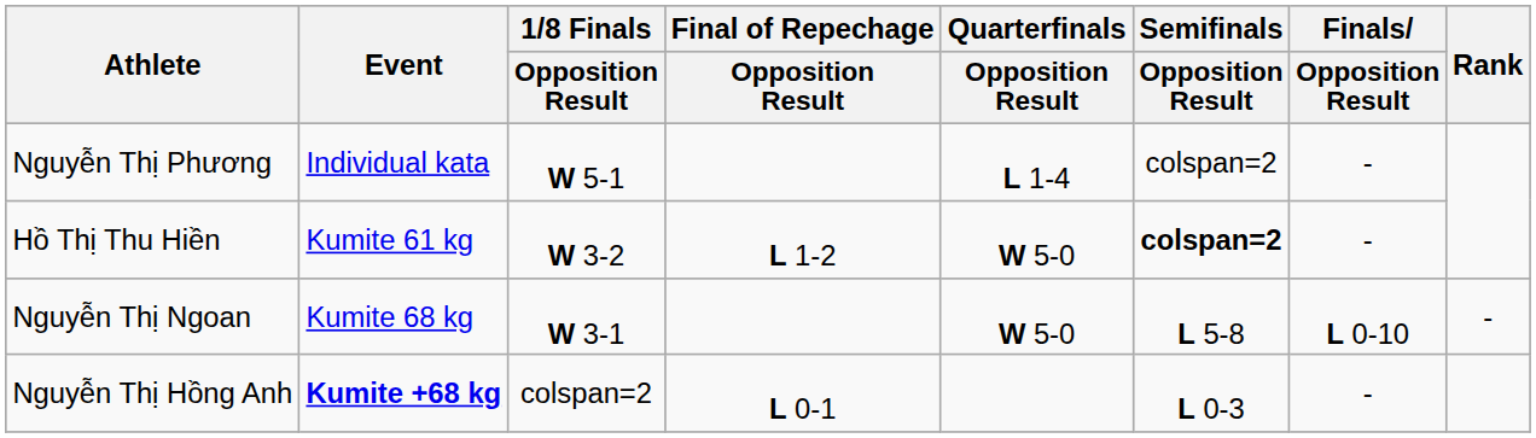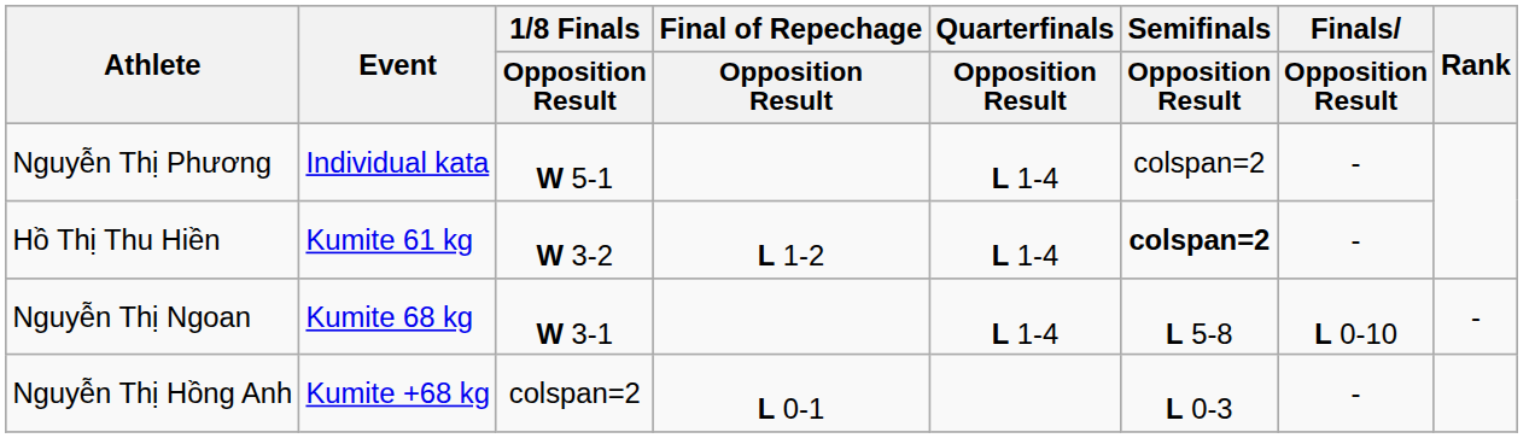 <table class=wikitable style="font-size:90%;text-align:center">
 <tr>
 <th rowspan="2">Athlete</th>
 <th rowspan="2">Event</th>
 <th>1/8 Finals</th>
 <th>Final of Repechage</th>
 <th>Quarterfinals</th>
 <th>Semifinals</th>
 <th>Finals/</th>
 <th rowspan="2">Rank</th>
 </tr>
 <tr style="font-size:95%">
 <th>Opposition<br>Result</th>
 <th>Opposition<br>Result</th>
 <th>Opposition<br>Result</th>
 <th>Opposition<br>Result</th>
 <th>Opposition<br>Result</th>
 </tr>
 <tr>
 <td align=left>Nguyễn Thị Phương</td>
 <td align=left><a href='#'>Individual kata</a></td>
 <td><br><strong>W</strong> 5-1</td>
 <td></td>
 <td><br><strong>L</strong> 1-4</td>
 <td>colspan=2</td>
 <td>-</td>
 </tr>
 <tr>
 <td align=left>Hồ Thị Thu Hiền</td>
 <td align=left><a href='#'>Kumite 61 kg</a></td>
 <td><br><strong>W</strong> 3-2</td>
 <td><br><strong>L</strong> 1-2</td>
-<td><br><strong>W</strong> 5-0</td>
+<td><br><strong>L</strong> 1-4</td>
 <td><strong>colspan=2</strong></td>
 <td>-</td>
 </tr>
 <tr>
 <td align=left>Nguyễn Thị Ngoan</td>
 <td align=left><a href='#'>Kumite 68 kg</a></td>
 <td><br><strong>W</strong> 3-1</td>
 <td></td>
-<td><br><strong>W</strong> 5-0</td>
+<td><br><strong>L</strong> 1-4</td>
 <td><br><strong>L</strong> 5-8</td>
 <td><br><strong>L</strong> 0-10</td>
 <td>-</td>
 </tr>
 <tr>
 <td align=left>Nguyễn Thị Hồng Anh</td>
-<td align=left><strong><a href='#'>Kumite +68 kg</a></strong></td>
+<td align=left><a href='#'>Kumite +68 kg</a></td>
 <td>colspan=2</td>
 <td><br><strong>L</strong> 0-1</td>
 <td></td>
 <td><br><strong>L</strong> 0-3</td>
 <td>-</td>
 </tr>
 </table>
